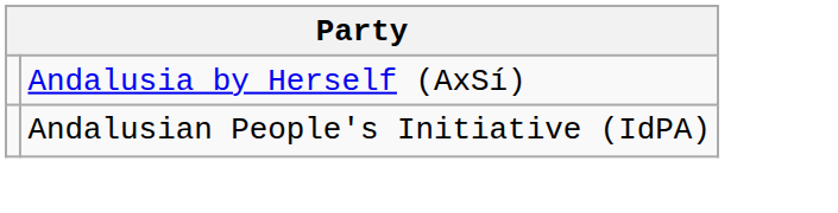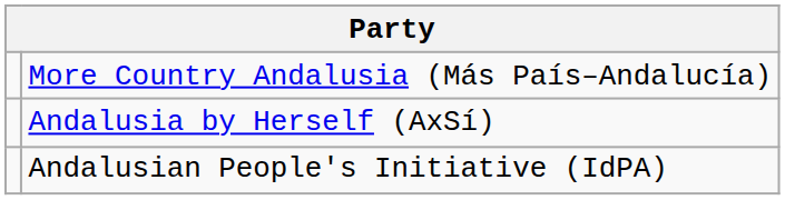 <table class="wikitable" style="text-align:left;">
 <tr>
 <th colspan="2">Party</th>
+</tr>
+<tr>
+<td width="1"></td>
+<td><a href='#'>More Country Andalusia</a> (Más País–Andalucía)</td>
 </tr>
 <tr>
 <td></td>
 <td><a href='#'>Andalusia by Herself</a> (AxSí)</td>
 </tr>
 <tr>
 <td></td>
 <td>Andalusian People's Initiative (IdPA)</td>
 </tr>
 </table>
